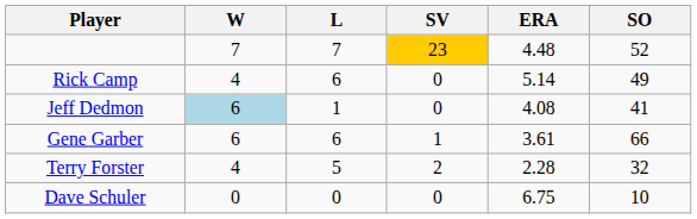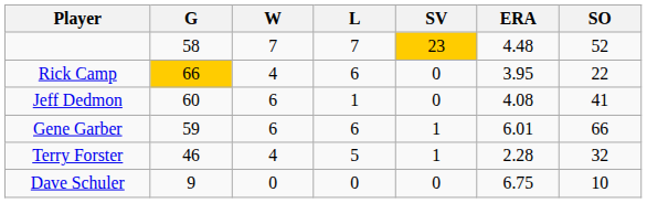 <table class="wikitable sortable">
 <tr>
 <th bgcolor="#DDDDFF" width="16%">Player</th>
+<th bgcolor="#DDDDFF" width="9%">G</th>
 <th bgcolor="#DDDDFF" width="9%">W</th>
 <th bgcolor="#DDDDFF" width="9%">L</th>
 <th bgcolor="#DDDDFF" width="9%">SV</th>
 <th bgcolor="#DDDDFF" width="9%">ERA</th>
 <th bgcolor="#DDDDFF" width="9%">SO</th>
 </tr>
 <tr align="center">
 <td></td>
+<td>58</td>
 <td>7</td>
 <td>7</td>
 <td style="background:#fc0;">23</td>
 <td>4.48</td>
 <td>52</td>
 </tr>
 <tr align=center>
 <td><a href='#'>Rick Camp</a></td>
+<td style="background:#fc0;">66</td>
 <td>4</td>
 <td>6</td>
 <td>0</td>
-<td>5.14</td>
-<td>49</td>
+<td>3.95</td>
+<td>22</td>
 </tr>
 <tr align=center>
 <td><a href='#'>Jeff Dedmon</a></td>
-<td style="background: lightblue;">6</td>
+<td>60</td>
+<td>6</td>
 <td>1</td>
 <td>0</td>
 <td>4.08</td>
 <td>41</td>
 </tr>
 <tr align=center>
 <td><a href='#'>Gene Garber</a></td>
+<td>59</td>
 <td>6</td>
 <td>6</td>
 <td>1</td>
-<td>3.61</td>
+<td>6.01</td>
 <td>66</td>
 </tr>
 <tr align="center">
 <td><a href='#'>Terry Forster</a></td>
+<td>46</td>
 <td>4</td>
 <td>5</td>
-<td>2</td>
+<td>1</td>
 <td>2.28</td>
 <td>32</td>
 </tr>
 <tr align=center>
 <td><a href='#'>Dave Schuler</a></td>
+<td>9</td>
 <td>0</td>
 <td>0</td>
 <td>0</td>
 <td>6.75</td>
 <td>10</td>
 </tr>
 </table>
